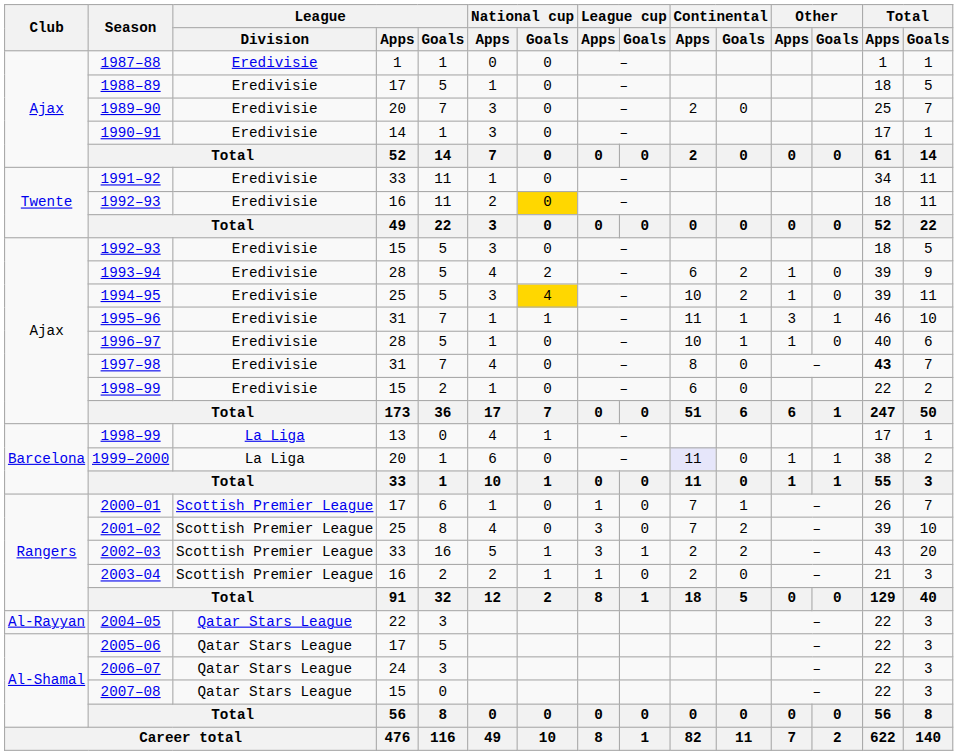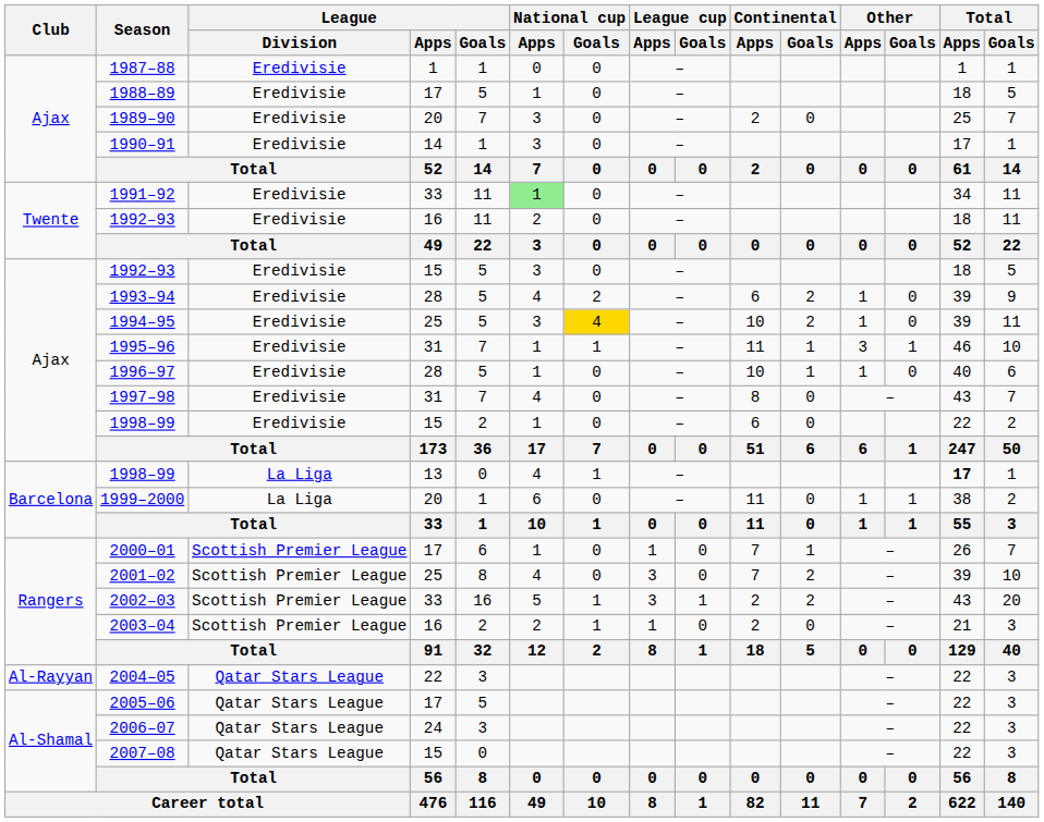 <table class="wikitable" style="text-align:center">
 <tr>
 <th rowspan="2">Club</th>
 <th rowspan="2">Season</th>
 <th colspan="3">League</th>
 <th colspan="2">National cup</th>
 <th colspan="2">League cup</th>
 <th colspan="2">Continental</th>
 <th colspan="2">Other</th>
 <th colspan="2">Total</th>
 </tr>
 <tr>
 <th>Division</th>
 <th>Apps</th>
 <th>Goals</th>
 <th>Apps</th>
 <th>Goals</th>
 <th>Apps</th>
 <th>Goals</th>
 <th>Apps</th>
 <th>Goals</th>
 <th>Apps</th>
 <th>Goals</th>
 <th>Apps</th>
 <th>Goals</th>
 </tr>
 <tr>
 <td rowspan="5"><a href='#'>Ajax</a></td>
 <td><a href='#'>1987–88</a></td>
 <td><a href='#'>Eredivisie</a></td>
 <td>1</td>
 <td>1</td>
 <td>0</td>
 <td>0</td>
 <td colspan="2">–</td>
 <td></td>
 <td></td>
 <td></td>
 <td></td>
 <td>1</td>
 <td>1</td>
 </tr>
 <tr>
 <td><a href='#'>1988–89</a></td>
 <td>Eredivisie</td>
 <td>17</td>
 <td>5</td>
 <td>1</td>
 <td>0</td>
 <td colspan="2">–</td>
 <td></td>
 <td></td>
 <td></td>
 <td></td>
 <td>18</td>
 <td>5</td>
 </tr>
 <tr>
 <td><a href='#'>1989–90</a></td>
 <td>Eredivisie</td>
 <td>20</td>
 <td>7</td>
 <td>3</td>
 <td>0</td>
 <td colspan="2">–</td>
 <td>2</td>
 <td>0</td>
 <td></td>
 <td></td>
 <td>25</td>
 <td>7</td>
 </tr>
 <tr>
 <td><a href='#'>1990–91</a></td>
 <td>Eredivisie</td>
 <td>14</td>
 <td>1</td>
 <td>3</td>
 <td>0</td>
 <td colspan="2">–</td>
 <td></td>
 <td></td>
 <td></td>
 <td></td>
 <td>17</td>
 <td>1</td>
 </tr>
 <tr>
 <th colspan="2">Total</th>
 <th>52</th>
 <th>14</th>
 <th>7</th>
 <th>0</th>
 <th>0</th>
 <th>0</th>
 <th>2</th>
 <th>0</th>
 <th>0</th>
 <th>0</th>
 <th>61</th>
 <th>14</th>
 </tr>
 <tr>
 <td rowspan="3"><a href='#'>Twente</a></td>
 <td><a href='#'>1991–92</a></td>
 <td>Eredivisie</td>
 <td>33</td>
 <td>11</td>
-<td>1</td>
+<td style="background: lightgreen;">1</td>
 <td>0</td>
 <td colspan="2">–</td>
 <td></td>
 <td></td>
 <td></td>
 <td></td>
 <td>34</td>
 <td>11</td>
 </tr>
 <tr>
 <td><a href='#'>1992–93</a></td>
 <td>Eredivisie</td>
 <td>16</td>
 <td>11</td>
 <td>2</td>
-<td style="background: gold;">0</td>
+<td>0</td>
 <td colspan="2">–</td>
 <td></td>
 <td></td>
 <td></td>
 <td></td>
 <td>18</td>
 <td>11</td>
 </tr>
 <tr>
 <th colspan="2">Total</th>
 <th>49</th>
 <th>22</th>
 <th>3</th>
 <th>0</th>
 <th>0</th>
 <th>0</th>
 <th>0</th>
 <th>0</th>
 <th>0</th>
 <th>0</th>
 <th>52</th>
 <th>22</th>
 </tr>
 <tr>
 <td rowspan="8">Ajax</td>
 <td><a href='#'>1992–93</a></td>
 <td>Eredivisie</td>
 <td>15</td>
 <td>5</td>
 <td>3</td>
 <td>0</td>
 <td colspan="2">–</td>
 <td></td>
 <td></td>
 <td></td>
 <td></td>
 <td>18</td>
 <td>5</td>
 </tr>
 <tr>
 <td><a href='#'>1993–94</a></td>
 <td>Eredivisie</td>
 <td>28</td>
 <td>5</td>
 <td>4</td>
 <td>2</td>
 <td colspan="2">–</td>
 <td>6</td>
 <td>2</td>
 <td>1</td>
 <td>0</td>
 <td>39</td>
 <td>9</td>
 </tr>
 <tr>
 <td><a href='#'>1994–95</a></td>
 <td>Eredivisie</td>
 <td>25</td>
 <td>5</td>
 <td>3</td>
 <td style="background: gold;">4</td>
 <td colspan="2">–</td>
 <td>10</td>
 <td>2</td>
 <td>1</td>
 <td>0</td>
 <td>39</td>
 <td>11</td>
 </tr>
 <tr>
 <td><a href='#'>1995–96</a></td>
 <td>Eredivisie</td>
 <td>31</td>
 <td>7</td>
 <td>1</td>
 <td>1</td>
 <td colspan="2">–</td>
 <td>11</td>
 <td>1</td>
 <td>3</td>
 <td>1</td>
 <td>46</td>
 <td>10</td>
 </tr>
 <tr>
 <td><a href='#'>1996–97</a></td>
 <td>Eredivisie</td>
 <td>28</td>
 <td>5</td>
 <td>1</td>
 <td>0</td>
 <td colspan="2">–</td>
 <td>10</td>
 <td>1</td>
 <td>1</td>
 <td>0</td>
 <td>40</td>
 <td>6</td>
 </tr>
 <tr>
 <td><a href='#'>1997–98</a></td>
 <td>Eredivisie</td>
 <td>31</td>
 <td>7</td>
 <td>4</td>
 <td>0</td>
 <td colspan="2">–</td>
 <td>8</td>
 <td>0</td>
 <td colspan="2">–</td>
-<td><strong>43</strong></td>
+<td>43</td>
 <td>7</td>
 </tr>
 <tr>
 <td><a href='#'>1998–99</a></td>
 <td>Eredivisie</td>
 <td>15</td>
 <td>2</td>
 <td>1</td>
 <td>0</td>
 <td colspan="2">–</td>
 <td>6</td>
 <td>0</td>
 <td></td>
 <td></td>
 <td>22</td>
 <td>2</td>
 </tr>
 <tr>
 <th colspan="2">Total</th>
 <th>173</th>
 <th>36</th>
 <th>17</th>
 <th>7</th>
 <th>0</th>
 <th>0</th>
 <th>51</th>
 <th>6</th>
 <th>6</th>
 <th>1</th>
 <th>247</th>
 <th>50</th>
 </tr>
 <tr>
 <td rowspan="3"><a href='#'>Barcelona</a></td>
 <td><a href='#'>1998–99</a></td>
 <td><a href='#'>La Liga</a></td>
 <td>13</td>
 <td>0</td>
 <td>4</td>
 <td>1</td>
 <td colspan="2">–</td>
 <td></td>
 <td></td>
 <td></td>
 <td></td>
-<td>17</td>
+<td><strong>17</strong></td>
 <td>1</td>
 </tr>
 <tr>
 <td><a href='#'>1999–2000</a></td>
 <td>La Liga</td>
 <td>20</td>
 <td>1</td>
 <td>6</td>
 <td>0</td>
 <td colspan="2">–</td>
-<td style="background: lavender;">11</td>
+<td>11</td>
 <td>0</td>
 <td>1</td>
 <td>1</td>
 <td>38</td>
 <td>2</td>
 </tr>
 <tr>
 <th colspan="2">Total</th>
 <th>33</th>
 <th>1</th>
 <th>10</th>
 <th>1</th>
 <th>0</th>
 <th>0</th>
 <th>11</th>
 <th>0</th>
 <th>1</th>
 <th>1</th>
 <th>55</th>
 <th>3</th>
 </tr>
 <tr>
 <td rowspan="5"><a href='#'>Rangers</a></td>
 <td><a href='#'>2000–01</a></td>
 <td><a href='#'>Scottish Premier League</a></td>
 <td>17</td>
 <td>6</td>
 <td>1</td>
 <td>0</td>
 <td>1</td>
 <td>0</td>
 <td>7</td>
 <td>1</td>
 <td colspan="2">–</td>
 <td>26</td>
 <td>7</td>
 </tr>
 <tr>
 <td><a href='#'>2001–02</a></td>
 <td>Scottish Premier League</td>
 <td>25</td>
 <td>8</td>
 <td>4</td>
 <td>0</td>
 <td>3</td>
 <td>0</td>
 <td>7</td>
 <td>2</td>
 <td colspan="2">–</td>
 <td>39</td>
 <td>10</td>
 </tr>
 <tr>
 <td><a href='#'>2002–03</a></td>
 <td>Scottish Premier League</td>
 <td>33</td>
 <td>16</td>
 <td>5</td>
 <td>1</td>
 <td>3</td>
 <td>1</td>
 <td>2</td>
 <td>2</td>
 <td colspan="2">–</td>
 <td>43</td>
 <td>20</td>
 </tr>
 <tr>
 <td><a href='#'>2003–04</a></td>
 <td>Scottish Premier League</td>
 <td>16</td>
 <td>2</td>
 <td>2</td>
 <td>1</td>
 <td>1</td>
 <td>0</td>
 <td>2</td>
 <td>0</td>
 <td colspan="2">–</td>
 <td>21</td>
 <td>3</td>
 </tr>
 <tr>
 <th colspan="2">Total</th>
 <th>91</th>
 <th>32</th>
 <th>12</th>
 <th>2</th>
 <th>8</th>
 <th>1</th>
 <th>18</th>
 <th>5</th>
 <th>0</th>
 <th>0</th>
 <th>129</th>
 <th>40</th>
 </tr>
 <tr>
 <td><a href='#'>Al-Rayyan</a></td>
 <td><a href='#'>2004–05</a></td>
 <td><a href='#'>Qatar Stars League</a></td>
 <td>22</td>
 <td>3</td>
 <td></td>
 <td></td>
 <td></td>
 <td></td>
 <td></td>
 <td></td>
 <td colspan="2">–</td>
 <td>22</td>
 <td>3</td>
 </tr>
 <tr>
 <td rowspan="4"><a href='#'>Al-Shamal</a></td>
 <td><a href='#'>2005–06</a></td>
 <td>Qatar Stars League</td>
 <td>17</td>
 <td>5</td>
 <td></td>
 <td></td>
 <td></td>
 <td></td>
 <td></td>
 <td></td>
 <td colspan="2">–</td>
 <td>22</td>
 <td>3</td>
 </tr>
 <tr>
 <td><a href='#'>2006–07</a></td>
 <td>Qatar Stars League</td>
 <td>24</td>
 <td>3</td>
 <td></td>
 <td></td>
 <td></td>
 <td></td>
 <td></td>
 <td></td>
 <td colspan="2">–</td>
 <td>22</td>
 <td>3</td>
 </tr>
 <tr>
 <td><a href='#'>2007–08</a></td>
 <td>Qatar Stars League</td>
 <td>15</td>
 <td>0</td>
 <td></td>
 <td></td>
 <td></td>
 <td></td>
 <td></td>
 <td></td>
 <td colspan="2">–</td>
 <td>22</td>
 <td>3</td>
 </tr>
 <tr>
 <th colspan="2">Total</th>
 <th>56</th>
 <th>8</th>
 <th>0</th>
 <th>0</th>
 <th>0</th>
 <th>0</th>
 <th>0</th>
 <th>0</th>
 <th>0</th>
 <th>0</th>
 <th>56</th>
 <th>8</th>
 </tr>
 <tr>
 <th colspan="3">Career total</th>
 <th>476</th>
 <th>116</th>
 <th>49</th>
 <th>10</th>
 <th>8</th>
 <th>1</th>
 <th>82</th>
 <th>11</th>
 <th>7</th>
 <th>2</th>
 <th>622</th>
 <th>140</th>
 </tr>
 </table>
